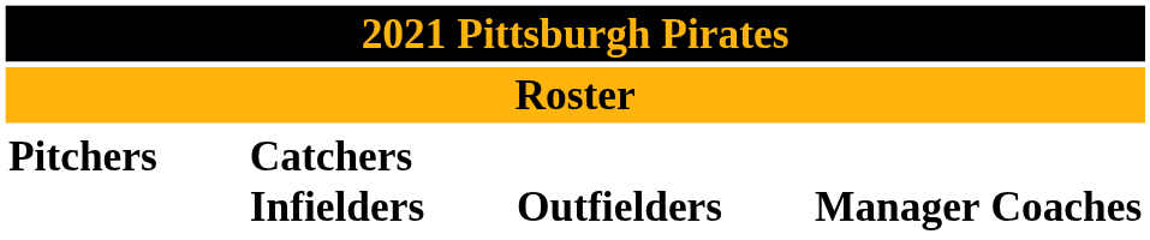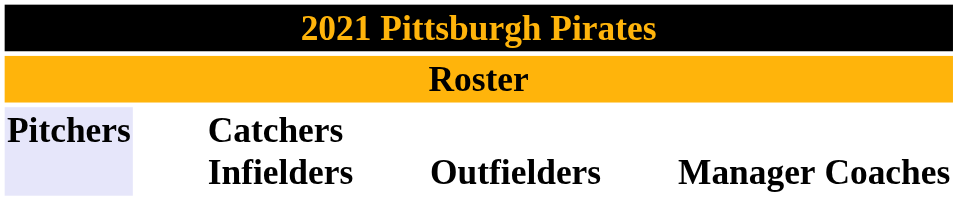 <table class="toccolours" style="font-size: 95%;">
 <tr>
 <th colspan="10" style="background:#000000; color:#FFB40B; text-align:center;"><strong>2021 Pittsburgh Pirates</strong></th>
 </tr>
 <tr>
 <td colspan="10" style="background:#FFB40B; color:#000000; text-align:center;"><strong>Roster</strong></td>
 </tr>
 <tr>
-<td valign="top"><strong>Pitchers</strong><br>                                  </td>
+<td valign="top" style="background: lavender;"><strong>Pitchers</strong><br>                                  </td>
 <td style="width:25px;"></td>
 <td valign="top"><strong>Catchers</strong><br>   <strong>Infielders</strong>                </td>
 <td style="width:25px;"></td>
 <td valign="top"><br><strong>Outfielders</strong>          </td>
 <td style="width:25px;"></td>
 <td valign="top"><br><strong>Manager</strong>  <strong>Coaches</strong>                        </td>
 </tr>
 </table>
